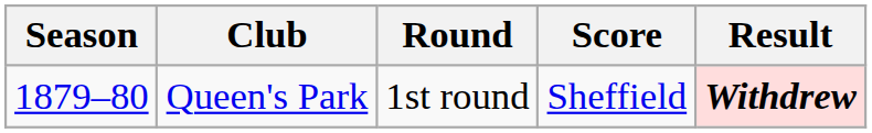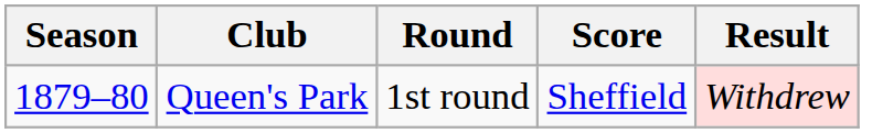 <table class=wikitable style="text-align:left">
 <tr>
 <th>Season</th>
 <th>Club</th>
 <th>Round</th>
 <th>Score</th>
 <th>Result</th>
 </tr>
 <tr>
 <td align=center rowspan=7><a href='#'>1879–80</a></td>
 <td><a href='#'>Queen's Park</a></td>
 <td>1st round</td>
 <td> <a href='#'>Sheffield</a></td>
-<td align=center  bgcolor=#ffdddd><strong><em>Withdrew</em></strong></td>
+<td align=center  bgcolor=#ffdddd><em>Withdrew</em></td>
 </tr>
 </table>
